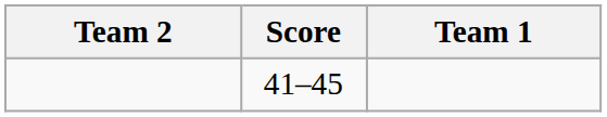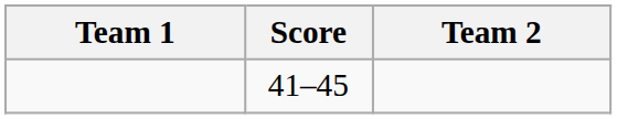 <table class="wikitable" style="text-align: center; font-size:90% ">
 <tr>
+<th align="right" width="100">Team 1</th>
+<th width="50">Score</th>
 <th align="left" width="100">Team 2</th>
-<th width="50">Score</th>
-<th align="right" width="100">Team 1</th>
 </tr>
 <tr>
+<td align=right></td>
+<td align=center>41–45</td>
 <td align=left><strong></strong></td>
-<td align=center>41–45</td>
-<td align=right></td>
 </tr>
 </table>
